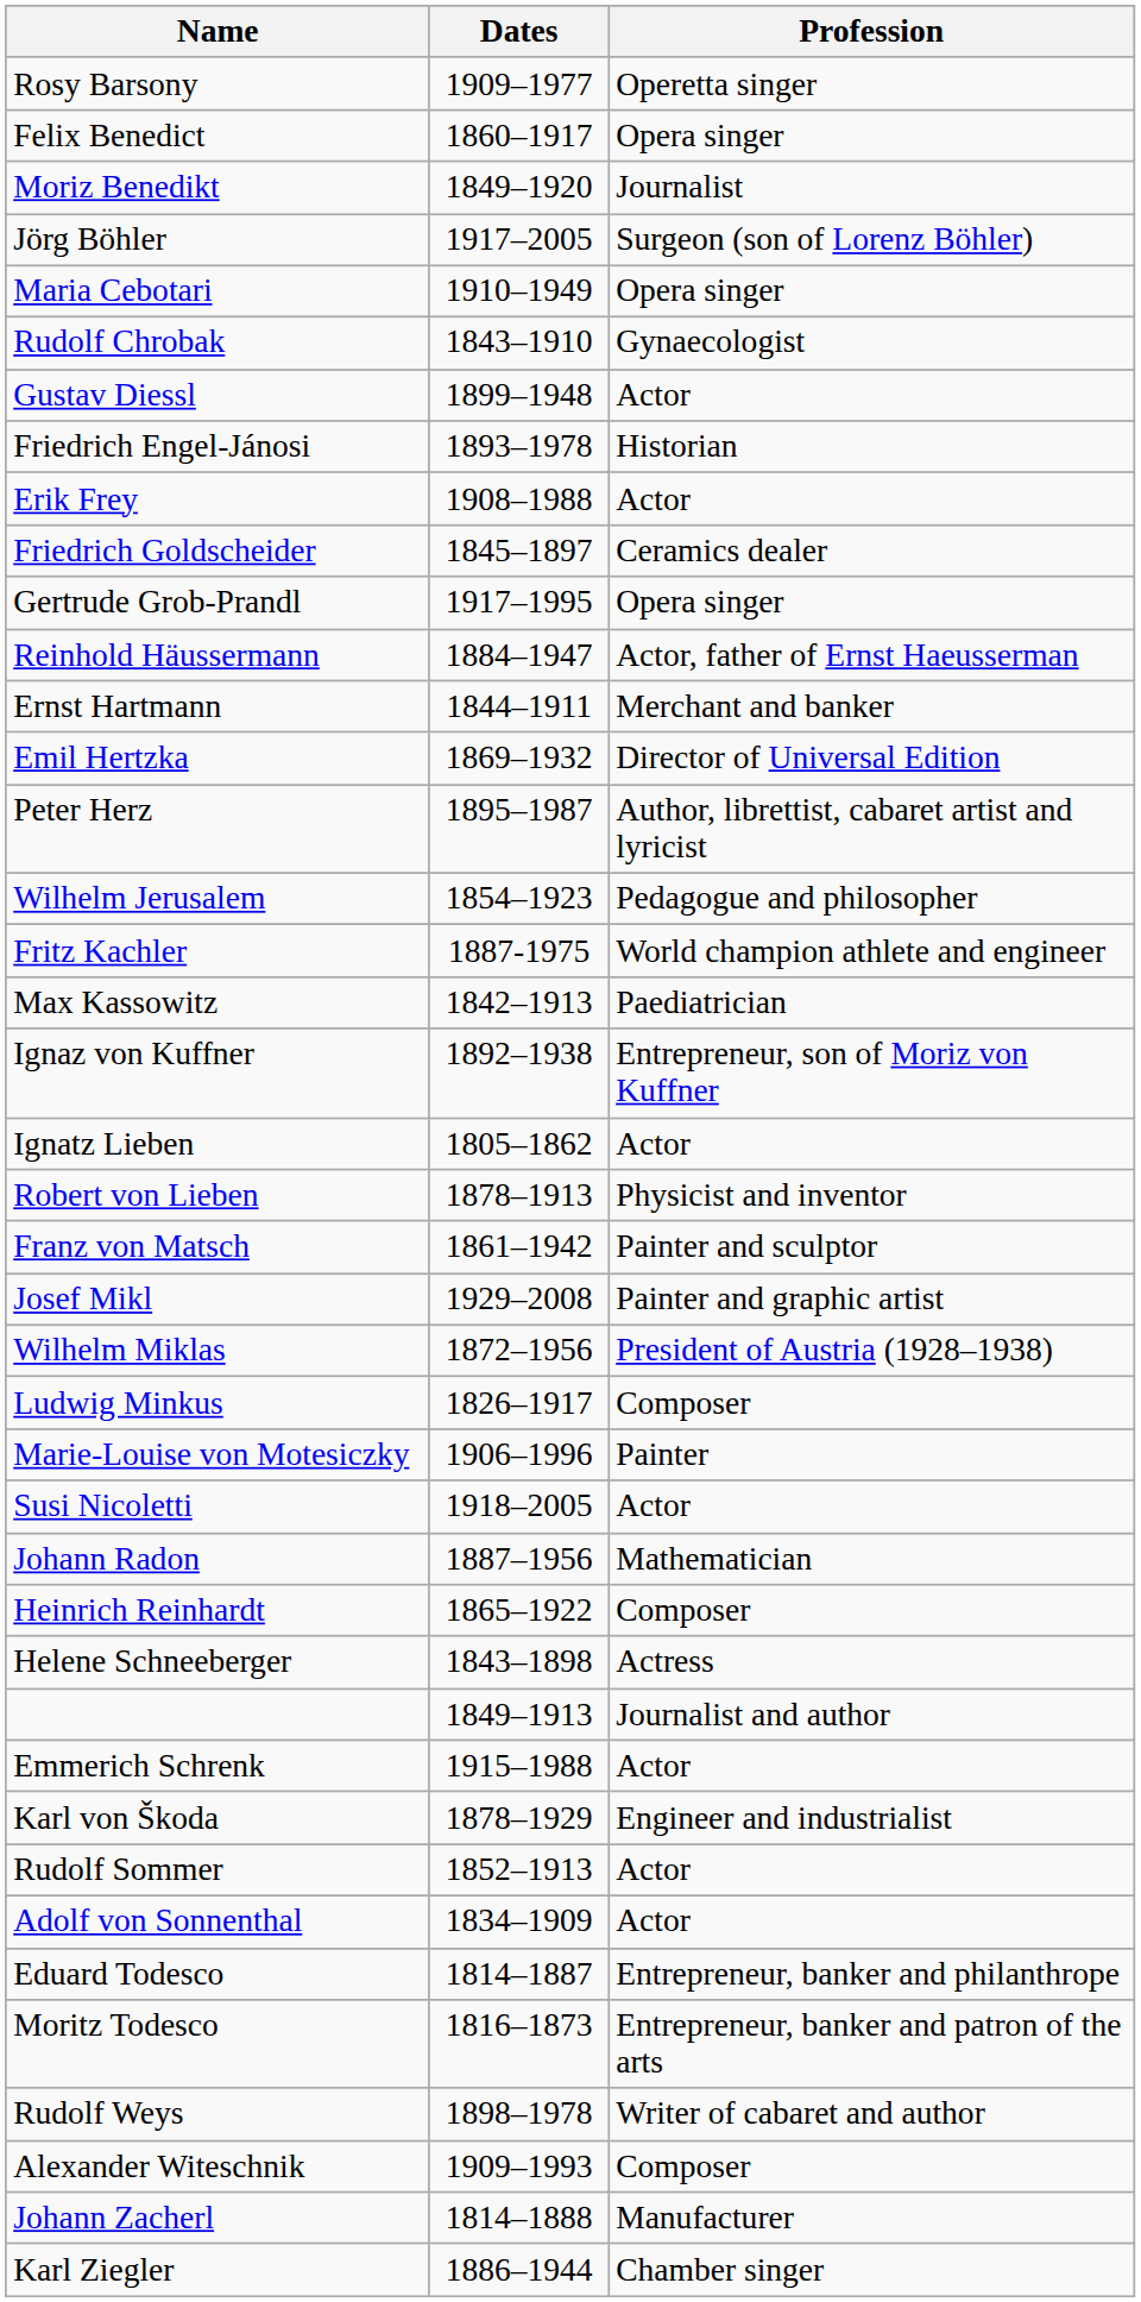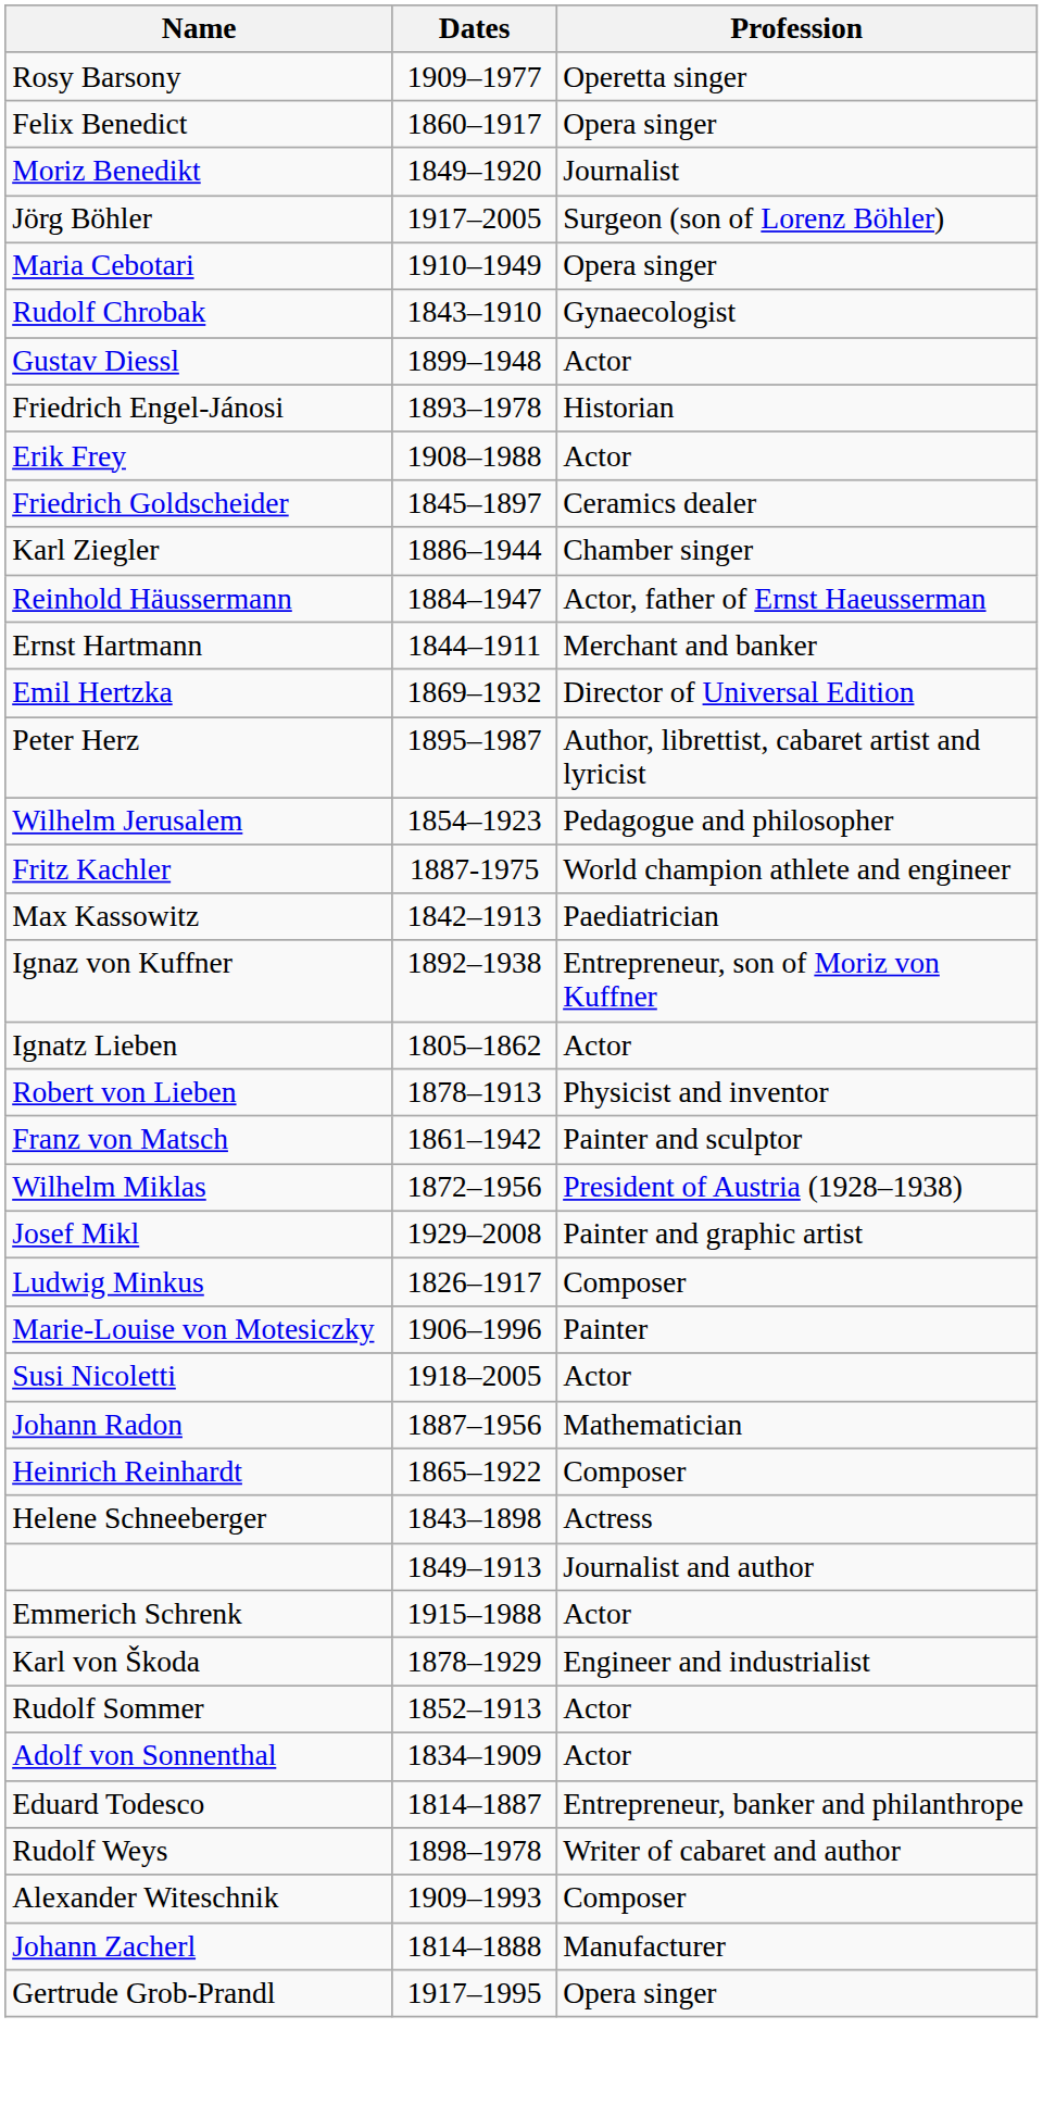 <table class="wikitable">
 <tr>
 <th bgcolor="#CCCCFF" width="200">Name</th>
 <th bgcolor="#CCCCFF" width="80">Dates</th>
 <th bgcolor="#CCCCFF" width="250">Profession</th>
 </tr>
 <tr>
 <td valign="top">Rosy Barsony</td>
 <td align="center" valign="top">1909–1977</td>
 <td valign="top">Operetta singer</td>
 </tr>
 <tr>
 <td valign="top">Felix Benedict</td>
 <td align="center" valign="top">1860–1917</td>
 <td valign="top">Opera singer</td>
 </tr>
 <tr>
 <td valign="top"><a href='#'>Moriz Benedikt</a></td>
 <td align="center" valign="top">1849–1920</td>
 <td valign="top">Journalist</td>
 </tr>
 <tr>
 <td valign="top">Jörg Böhler</td>
 <td align="center" valign="top">1917–2005</td>
 <td valign="top">Surgeon (son of <a href='#'>Lorenz Böhler</a>)</td>
 </tr>
 <tr>
 <td valign="top"><a href='#'>Maria Cebotari</a></td>
 <td align="center" valign="top">1910–1949</td>
 <td valign="top">Opera singer</td>
 </tr>
 <tr>
 <td valign="top"><a href='#'>Rudolf Chrobak</a></td>
 <td align="center" valign="top">1843–1910</td>
 <td valign="top">Gynaecologist</td>
 </tr>
 <tr>
 <td valign="top"><a href='#'>Gustav Diessl</a></td>
 <td align="center" valign="top">1899–1948</td>
 <td valign="top">Actor</td>
 </tr>
 <tr>
 <td valign="top">Friedrich Engel-Jánosi</td>
 <td align="center" valign="top">1893–1978</td>
 <td valign="top">Historian</td>
 </tr>
 <tr>
 <td valign="top"><a href='#'>Erik Frey</a></td>
 <td align="center" valign="top">1908–1988</td>
 <td valign="top">Actor</td>
 </tr>
 <tr>
 <td valign="top"><a href='#'>Friedrich Goldscheider</a></td>
 <td align="center" valign="top">1845–1897</td>
 <td valign="top">Ceramics dealer</td>
 </tr>
 <tr>
-<td valign="top">Gertrude Grob-Prandl</td>
-<td align="center" valign="top">1917–1995</td>
-<td valign="top">Opera singer</td>
+<td valign="top">Karl Ziegler</td>
+<td align="center" valign="top">1886–1944</td>
+<td valign="top">Chamber singer</td>
 </tr>
 <tr>
 <td valign="top"><a href='#'>Reinhold Häussermann</a></td>
 <td align="center" valign="top">1884–1947</td>
 <td valign="top">Actor, father of <a href='#'>Ernst Haeusserman</a></td>
 </tr>
 <tr>
 <td valign="top">Ernst Hartmann</td>
 <td align="center" valign="top">1844–1911</td>
 <td valign="top">Merchant and banker</td>
 </tr>
 <tr>
 <td valign="top"><a href='#'>Emil Hertzka</a></td>
 <td align="center" valign="top">1869–1932</td>
 <td valign="top">Director of <a href='#'>Universal Edition</a></td>
 </tr>
 <tr>
 <td valign="top">Peter Herz</td>
 <td align="center" valign="top">1895–1987</td>
 <td valign="top">Author, librettist, cabaret artist and lyricist</td>
 </tr>
 <tr>
 <td valign="top"><a href='#'>Wilhelm Jerusalem</a></td>
 <td align="center" valign="top">1854–1923</td>
 <td valign="top">Pedagogue and philosopher</td>
 </tr>
 <tr>
 <td valign="top"><a href='#'>Fritz Kachler</a></td>
 <td align="center" valign="top">1887-1975</td>
 <td valign="top'">World champion athlete and engineer</td>
 </tr>
 <tr>
 <td valign="top">Max Kassowitz</td>
 <td align="center" valign="top">1842–1913</td>
 <td valign="top">Paediatrician</td>
 </tr>
 <tr>
 <td valign="top">Ignaz von Kuffner</td>
 <td align="center" valign="top">1892–1938</td>
 <td valign="top">Entrepreneur, son of <a href='#'>Moriz von Kuffner</a></td>
 </tr>
 <tr>
 <td valign="top">Ignatz Lieben</td>
 <td align="center" valign="top">1805–1862</td>
 <td valign="top">Actor</td>
 </tr>
 <tr>
 <td valign="top"><a href='#'>Robert von Lieben</a></td>
 <td align="center" valign="top">1878–1913</td>
 <td valign="top">Physicist and inventor</td>
 </tr>
 <tr>
 <td valign="top"><a href='#'>Franz von Matsch</a></td>
 <td align="center" valign="top">1861–1942</td>
 <td valign="top">Painter and sculptor</td>
 </tr>
 <tr>
+<td valign="top"><a href='#'>Wilhelm Miklas</a></td>
+<td align="center" valign="top">1872–1956</td>
+<td valign="top"><a href='#'>President of Austria</a> (1928–1938)</td>
+</tr>
+<tr>
 <td valign="top"><a href='#'>Josef Mikl</a></td>
 <td align="center" valign="top">1929–2008</td>
 <td valign="top">Painter and graphic artist</td>
-</tr>
-<tr>
-<td valign="top"><a href='#'>Wilhelm Miklas</a></td>
-<td align="center" valign="top">1872–1956</td>
-<td valign="top"><a href='#'>President of Austria</a> (1928–1938)</td>
 </tr>
 <tr>
 <td valign="top"><a href='#'>Ludwig Minkus</a></td>
 <td align="center" valign="top">1826–1917</td>
 <td valign="top">Composer</td>
 </tr>
 <tr>
 <td valign="top"><a href='#'>Marie-Louise von Motesiczky</a></td>
 <td align="center" valign="top">1906–1996</td>
 <td valign="top">Painter</td>
 </tr>
 <tr>
 <td valign="top"><a href='#'>Susi Nicoletti</a></td>
 <td align="center" valign="top">1918–2005</td>
 <td valign="top">Actor</td>
 </tr>
 <tr>
 <td valign="top"><a href='#'>Johann Radon</a></td>
 <td align="center" valign="top">1887–1956</td>
 <td valign="top">Mathematician</td>
 </tr>
 <tr>
 <td valign="top"><a href='#'>Heinrich Reinhardt</a></td>
 <td align="center" valign="top">1865–1922</td>
 <td valign="top">Composer</td>
 </tr>
 <tr>
 <td valign="top">Helene Schneeberger</td>
 <td align="center" valign="top">1843–1898</td>
 <td valign="top">Actress</td>
 </tr>
 <tr>
 <td valign="top"></td>
 <td align="center" valign="top">1849–1913</td>
 <td valign="top">Journalist and author</td>
 </tr>
 <tr>
 <td valign="top">Emmerich Schrenk</td>
 <td align="center" valign="top">1915–1988</td>
 <td valign="top">Actor</td>
 </tr>
 <tr>
 <td valign="top">Karl von Škoda</td>
 <td align="center" valign="top">1878–1929</td>
 <td valign="top">Engineer and industrialist</td>
 </tr>
 <tr>
 <td valign="top">Rudolf Sommer</td>
 <td align="center" valign="top">1852–1913</td>
 <td valign="top">Actor</td>
 </tr>
 <tr>
 <td valign="top"><a href='#'>Adolf von Sonnenthal</a></td>
 <td align="center" valign="top">1834–1909</td>
 <td valign="top">Actor</td>
 </tr>
 <tr>
 <td valign="top">Eduard Todesco</td>
 <td align="center" valign="top">1814–1887</td>
 <td valign="top">Entrepreneur, banker and philanthrope</td>
 </tr>
 <tr>
-<td valign="top">Moritz Todesco</td>
-<td align="center" valign="top">1816–1873</td>
-<td valign="top">Entrepreneur, banker and patron of the arts</td>
-</tr>
-<tr>
 <td valign="top">Rudolf Weys</td>
 <td align="center" valign="top">1898–1978</td>
 <td valign="top">Writer of cabaret and author</td>
 </tr>
 <tr>
 <td valign="top">Alexander Witeschnik</td>
 <td align="center" valign="top">1909–1993</td>
 <td valign="top">Composer</td>
 </tr>
 <tr>
 <td valign="top"><a href='#'>Johann Zacherl</a></td>
 <td align="center" valign="top">1814–1888</td>
 <td valign="top">Manufacturer</td>
 </tr>
 <tr>
-<td valign="top">Karl Ziegler</td>
-<td align="center" valign="top">1886–1944</td>
-<td valign="top">Chamber singer</td>
+<td valign="top">Gertrude Grob-Prandl</td>
+<td align="center" valign="top">1917–1995</td>
+<td valign="top">Opera singer</td>
 </tr>
 </table>
